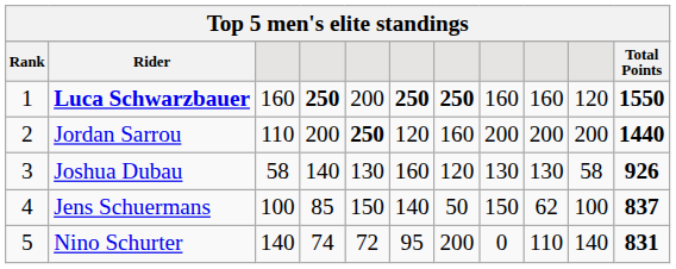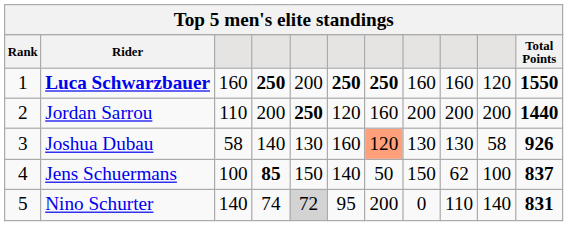 <table class="wikitable sortable">
 <tr>
 <th colspan=27 align="center"><strong>Top 5 men's elite standings</strong></th>
 </tr>
 <tr>
 </tr>
 <tr style="font-size:8pt;font-weight:bold">
 <th align="center">Rank</th>
 <th align="center">Rider</th>
 <th class=unsortable style="background:#E5E4E2;"><small></small></th>
 <th class=unsortable style="background:#E5E4E2;"><small></small></th>
 <th class=unsortable style="background:#E5E4E2;"><small></small></th>
 <th class=unsortable style="background:#E5E4E2;"><small></small></th>
 <th class=unsortable style="background:#E5E4E2;"><small></small></th>
 <th class=unsortable style="background:#E5E4E2;"><small></small></th>
 <th class=unsortable style="background:#E5E4E2;"><small></small></th>
 <th class=unsortable style="background:#E5E4E2;"><small></small></th>
 <th align="center">Total<br>Points</th>
 </tr>
 <tr>
 <td align=center>1</td>
 <td> <strong><a href='#'>Luca Schwarzbauer</a></strong></td>
 <td align=center>160</td>
 <td align=center><strong>250</strong></td>
 <td align=center>200</td>
 <td align=center><strong>250</strong></td>
 <td align=center><strong>250</strong></td>
 <td align=center>160</td>
 <td align=center>160</td>
 <td align=center>120</td>
 <td align=center><strong>1550</strong></td>
 </tr>
 <tr>
 <td align=center>2</td>
 <td> <a href='#'>Jordan Sarrou</a></td>
 <td align=center>110</td>
 <td align=center>200</td>
 <td align=center><strong>250</strong></td>
 <td align=center>120</td>
 <td align=center>160</td>
 <td align=center>200</td>
 <td align=center>200</td>
 <td align=center>200</td>
 <td align=center><strong>1440</strong></td>
 </tr>
 <tr>
 <td align=center>3</td>
 <td> <a href='#'>Joshua Dubau</a></td>
 <td align=center>58</td>
 <td align=center>140</td>
 <td align=center>130</td>
 <td align=center>160</td>
-<td align=center>120</td>
+<td align=center style="background: lightsalmon;">120</td>
 <td align=center>130</td>
 <td align=center>130</td>
 <td align=center>58</td>
 <td align=center><strong>926</strong></td>
 </tr>
 <tr>
 <td align=center>4</td>
 <td> <a href='#'>Jens Schuermans</a></td>
 <td align=center>100</td>
-<td align=center>85</td>
+<td align=center><strong>85</strong></td>
 <td align=center>150</td>
 <td align=center>140</td>
 <td align=center>50</td>
 <td align=center>150</td>
 <td align=center>62</td>
 <td align=center>100</td>
 <td align=center><strong>837</strong></td>
 </tr>
 <tr>
 <td align=center>5</td>
 <td> <a href='#'>Nino Schurter</a></td>
 <td align=center>140</td>
 <td align=center>74</td>
-<td align=center>72</td>
+<td align=center style="background: lightgrey;">72</td>
 <td align=center>95</td>
 <td align=center>200</td>
 <td align=center>0</td>
 <td align=center>110</td>
 <td align=center>140</td>
 <td align=center><strong>831</strong></td>
 </tr>
 </table>
